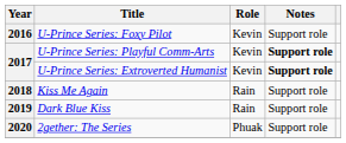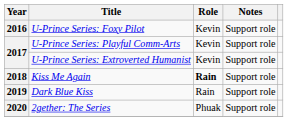 <table class="wikitable sortable plainrowheaders">
 <tr>
 <th scope="col">Year</th>
 <th scope="col">Title</th>
 <th scope="col">Role</th>
 <th scope="col" class="unsortable">Notes</th>
 <th scope="col" class="unsortable"></th>
 </tr>
 <tr>
 <th scope="row">2016</th>
 <td><em><a href='#'>U-Prince Series: Foxy Pilot</a></em></td>
 <td>Kevin</td>
 <td>Support role</td>
 <td style="text-align: center;"></td>
 </tr>
 <tr>
 <th scope="row" rowspan="2">2017</th>
 <td><em><a href='#'>U-Prince Series: Playful Comm-Arts</a></em></td>
 <td>Kevin</td>
-<td><strong>Support role</strong></td>
+<td>Support role</td>
 <td style="text-align: center;"></td>
 </tr>
 <tr>
 <td><em><a href='#'>U-Prince Series: Extroverted Humanist</a></em></td>
 <td>Kevin</td>
-<td><strong>Support role</strong></td>
+<td>Support role</td>
 <td style="text-align: center;"></td>
 </tr>
 <tr>
 <th scope="row">2018</th>
 <td><em><a href='#'>Kiss Me Again</a></em></td>
-<td>Rain</td>
+<td><strong>Rain</strong></td>
 <td>Support role</td>
 <td style="text-align: center;"></td>
 </tr>
 <tr>
 <th scope="row">2019</th>
 <td><em><a href='#'>Dark Blue Kiss</a></em></td>
 <td>Rain</td>
 <td>Support role</td>
 <td style="text-align: center;"></td>
 </tr>
 <tr>
 <th scope="row">2020</th>
 <td><em><a href='#'>2gether: The Series</a></em></td>
 <td>Phuak</td>
 <td>Support role</td>
 <td style="text-align: center;"></td>
 </tr>
 <tr>
 </tr>
 </table>
